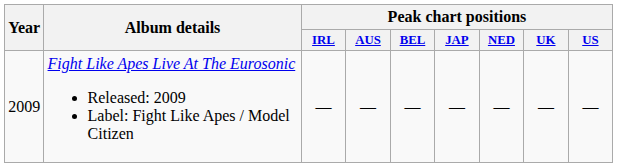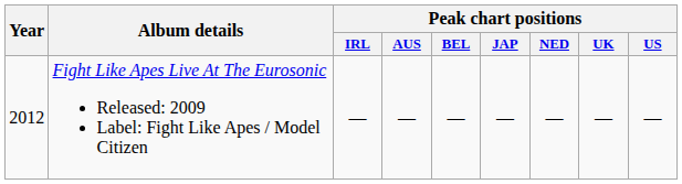 <table class="wikitable">
 <tr>
 <th rowspan="2">Year</th>
 <th rowspan="2" style="width:250px;">Album details</th>
 <th colspan="7">Peak chart positions</th>
 </tr>
 <tr>
 <th style="width:3em;font-size:80%;"><a href='#'>IRL</a><br></th>
 <th style="width:3em;font-size:80%;"><a href='#'>AUS</a></th>
 <th style="width:3em;font-size:80%;"><a href='#'>BEL</a></th>
 <th style="width:3em;font-size:80%;"><a href='#'>JAP</a></th>
 <th style="width:3em;font-size:80%;"><a href='#'>NED</a></th>
 <th style="width:3em;font-size:80%;"><a href='#'>UK</a></th>
 <th style="width:3em;font-size:80%;"><a href='#'>US</a></th>
 </tr>
 <tr>
-<td>2009</td>
+<td>2012</td>
 <td><em><a href='#'>Fight Like Apes Live At The Eurosonic</a></em><br><ul><li>Released: 2009</li><li>Label: Fight Like Apes / Model Citizen</li></ul></td>
 <td style="text-align:center;">—</td>
 <td style="text-align:center;">—</td>
 <td style="text-align:center;">—</td>
 <td style="text-align:center;">—</td>
 <td style="text-align:center;">—</td>
 <td style="text-align:center;">—</td>
 <td style="text-align:center;">—</td>
 </tr>
 </table>
